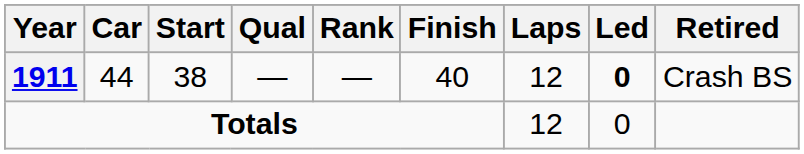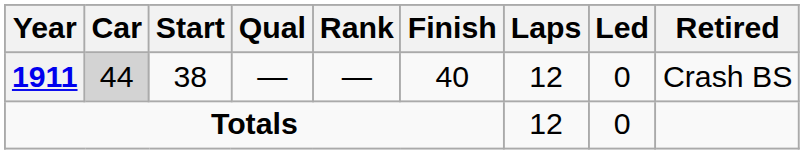 <table class="wikitable" style="text-align:center">
 <tr>
 <th>Year</th>
 <th>Car</th>
 <th>Start</th>
 <th>Qual</th>
 <th>Rank</th>
 <th>Finish</th>
 <th>Laps</th>
 <th>Led</th>
 <th>Retired</th>
 </tr>
 <tr>
 <th><a href='#'>1911</a></th>
-<td>44</td>
+<td style="background: lightgrey;">44</td>
 <td>38</td>
 <td>—</td>
 <td>—</td>
 <td>40</td>
 <td>12</td>
-<td><strong>0</strong></td>
+<td>0</td>
 <td>Crash BS</td>
 </tr>
 <tr>
 <td colspan=6><strong>Totals</strong></td>
 <td>12</td>
 <td>0</td>
 <td></td>
 </tr>
 </table>
